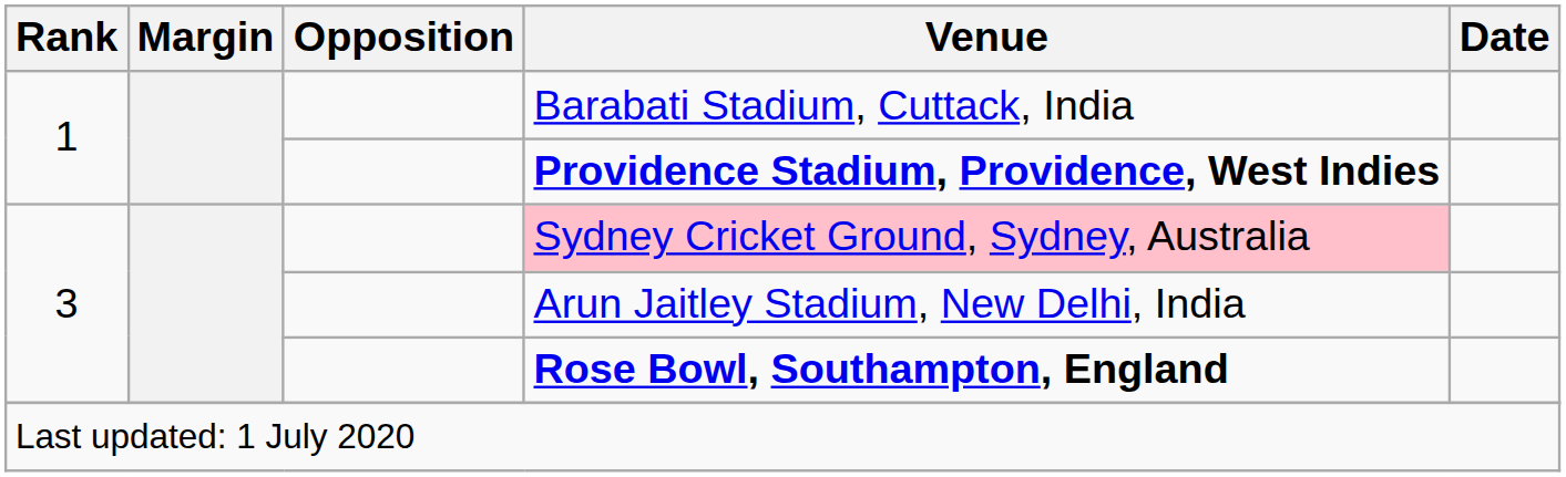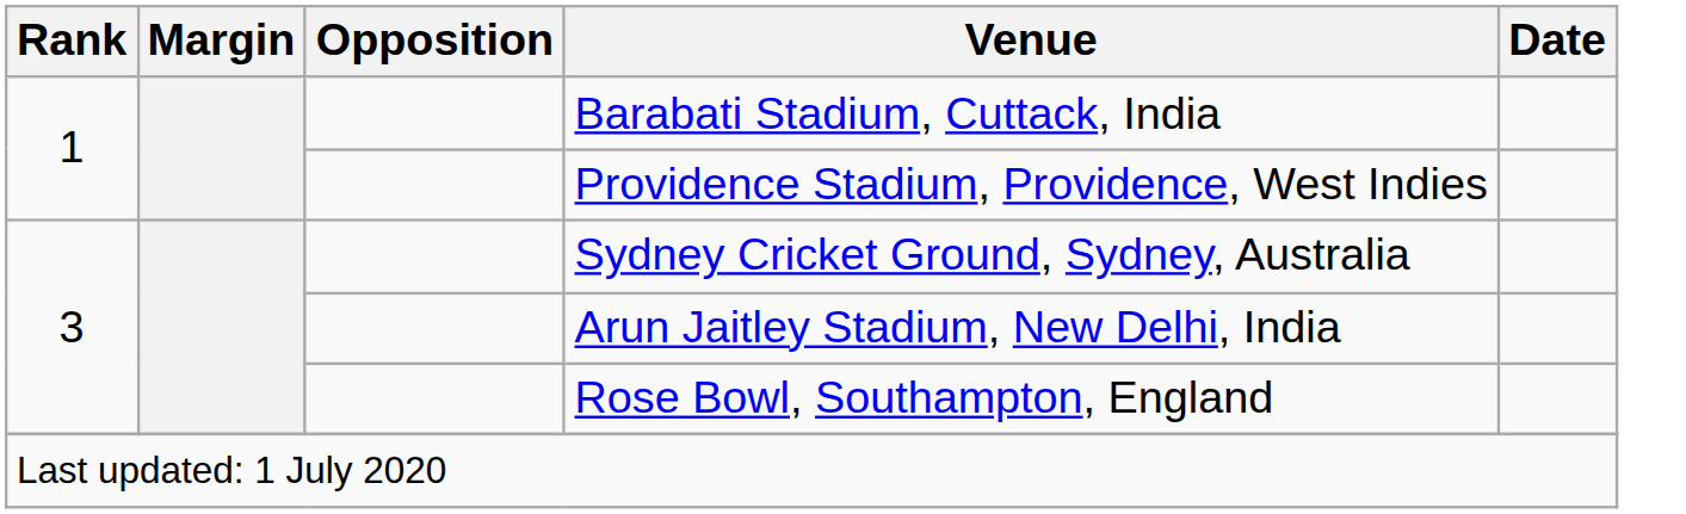 <table class="wikitable plainrowheaders sortable">
 <tr>
 <th scope=col>Rank</th>
 <th scope=col>Margin</th>
 <th scope=col>Opposition</th>
 <th scope=col>Venue</th>
 <th scope=col>Date</th>
 </tr>
 <tr>
 <td align=center rowspan=2>1</td>
 <th scope=row style=text-align:center; rowspan=2></th>
 <td></td>
 <td><a href='#'>Barabati Stadium</a>, <a href='#'>Cuttack</a>, India</td>
 <td></td>
 </tr>
 <tr>
 <td></td>
-<td><strong><a href='#'>Providence Stadium</a>, <a href='#'>Providence</a>, West Indies</strong></td>
+<td><a href='#'>Providence Stadium</a>, <a href='#'>Providence</a>, West Indies</td>
 <td></td>
 </tr>
 <tr>
 <td align=center rowspan=3>3</td>
 <th scope=row style=text-align:center; rowspan=3></th>
 <td></td>
-<td style="background: pink;"><a href='#'>Sydney Cricket Ground</a>, <a href='#'>Sydney</a>, Australia</td>
+<td><a href='#'>Sydney Cricket Ground</a>, <a href='#'>Sydney</a>, Australia</td>
 <td></td>
 </tr>
 <tr>
 <td></td>
 <td><a href='#'>Arun Jaitley Stadium</a>, <a href='#'>New Delhi</a>, India</td>
 <td></td>
 </tr>
 <tr>
 <td></td>
-<td><strong><a href='#'>Rose Bowl</a>, <a href='#'>Southampton</a>, England</strong></td>
+<td><a href='#'>Rose Bowl</a>, <a href='#'>Southampton</a>, England</td>
 <td></td>
 </tr>
 <tr>
 </tr>
 <tr class=sortbottom>
 <td colspan=5><small>Last updated: 1 July 2020</small></td>
 </tr>
 </table>
